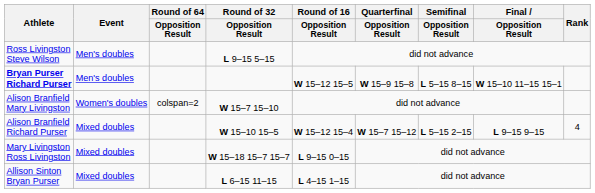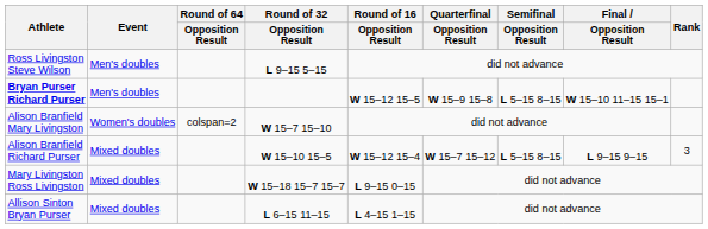 <table class="wikitable" style="font-size:90%">
 <tr>
 <th rowspan="2">Athlete</th>
 <th rowspan="2">Event</th>
 <th>Round of 64</th>
 <th>Round of 32</th>
 <th>Round of 16</th>
 <th>Quarterfinal</th>
 <th>Semifinal</th>
 <th>Final / </th>
 <th rowspan="2">Rank</th>
 </tr>
 <tr style="font-size:95%">
 <th>Opposition<br>Result</th>
 <th>Opposition<br>Result</th>
 <th>Opposition<br>Result</th>
 <th>Opposition<br>Result</th>
 <th>Opposition<br>Result</th>
 <th>Opposition<br>Result</th>
 </tr>
 <tr align=center>
 <td align=left><a href='#'>Ross Livingston</a><br><a href='#'>Steve Wilson</a></td>
 <td align=left><a href='#'>Men's doubles</a></td>
 <td></td>
 <td><br><strong>L</strong> 9–15 5–15</td>
 <td colspan=5>did not advance</td>
 </tr>
 <tr align=center>
 <td align=left><strong><a href='#'>Bryan Purser</a><br><a href='#'>Richard Purser</a></strong></td>
 <td align=left><a href='#'>Men's doubles</a></td>
 <td></td>
 <td></td>
 <td><br><strong>W</strong> 15–12 15–5</td>
 <td><br><strong>W</strong> 15–9 15–8</td>
 <td><br><strong>L</strong> 5–15 8–15</td>
 <td><br><strong>W</strong> 15–10 11–15 15–1</td>
 <td></td>
 </tr>
 <tr align=center>
 <td align=left><a href='#'>Alison Branfield</a><br><a href='#'>Mary Livingston</a></td>
 <td align=left><a href='#'>Women's doubles</a></td>
 <td>colspan=2 </td>
 <td><br><strong>W</strong> 15–7 15–10</td>
 <td colspan=4>did not advance</td>
 </tr>
 <tr align=center>
 <td align=left><a href='#'>Alison Branfield</a><br><a href='#'>Richard Purser</a></td>
 <td align=left><a href='#'>Mixed doubles</a></td>
 <td></td>
 <td><br><strong>W</strong> 15–10 15–5</td>
 <td><br><strong>W</strong> 15–12 15–4</td>
 <td><br><strong>W</strong> 15–7 15–12</td>
-<td><br><strong>L</strong> 5–15 2–15</td>
+<td><br><strong>L</strong> 5–15 8–15</td>
 <td><br><strong>L</strong> 9–15 9–15</td>
-<td>4</td>
+<td>3</td>
 </tr>
 <tr align=center>
 <td align=left><a href='#'>Mary Livingston</a><br><a href='#'>Ross Livingston</a></td>
 <td align=left><a href='#'>Mixed doubles</a></td>
 <td></td>
 <td><br><strong>W</strong> 15–18 15–7 15–7</td>
 <td><br><strong>L</strong> 9–15 0–15</td>
 <td colspan=4>did not advance</td>
 </tr>
 <tr align=center>
 <td align=left><a href='#'>Allison Sinton</a><br><a href='#'>Bryan Purser</a></td>
 <td align=left><a href='#'>Mixed doubles</a></td>
 <td></td>
 <td><br><strong>L</strong> 6–15 11–15</td>
 <td><br><strong>L</strong> 4–15 1–15</td>
 <td colspan=4>did not advance</td>
 </tr>
 </table>
